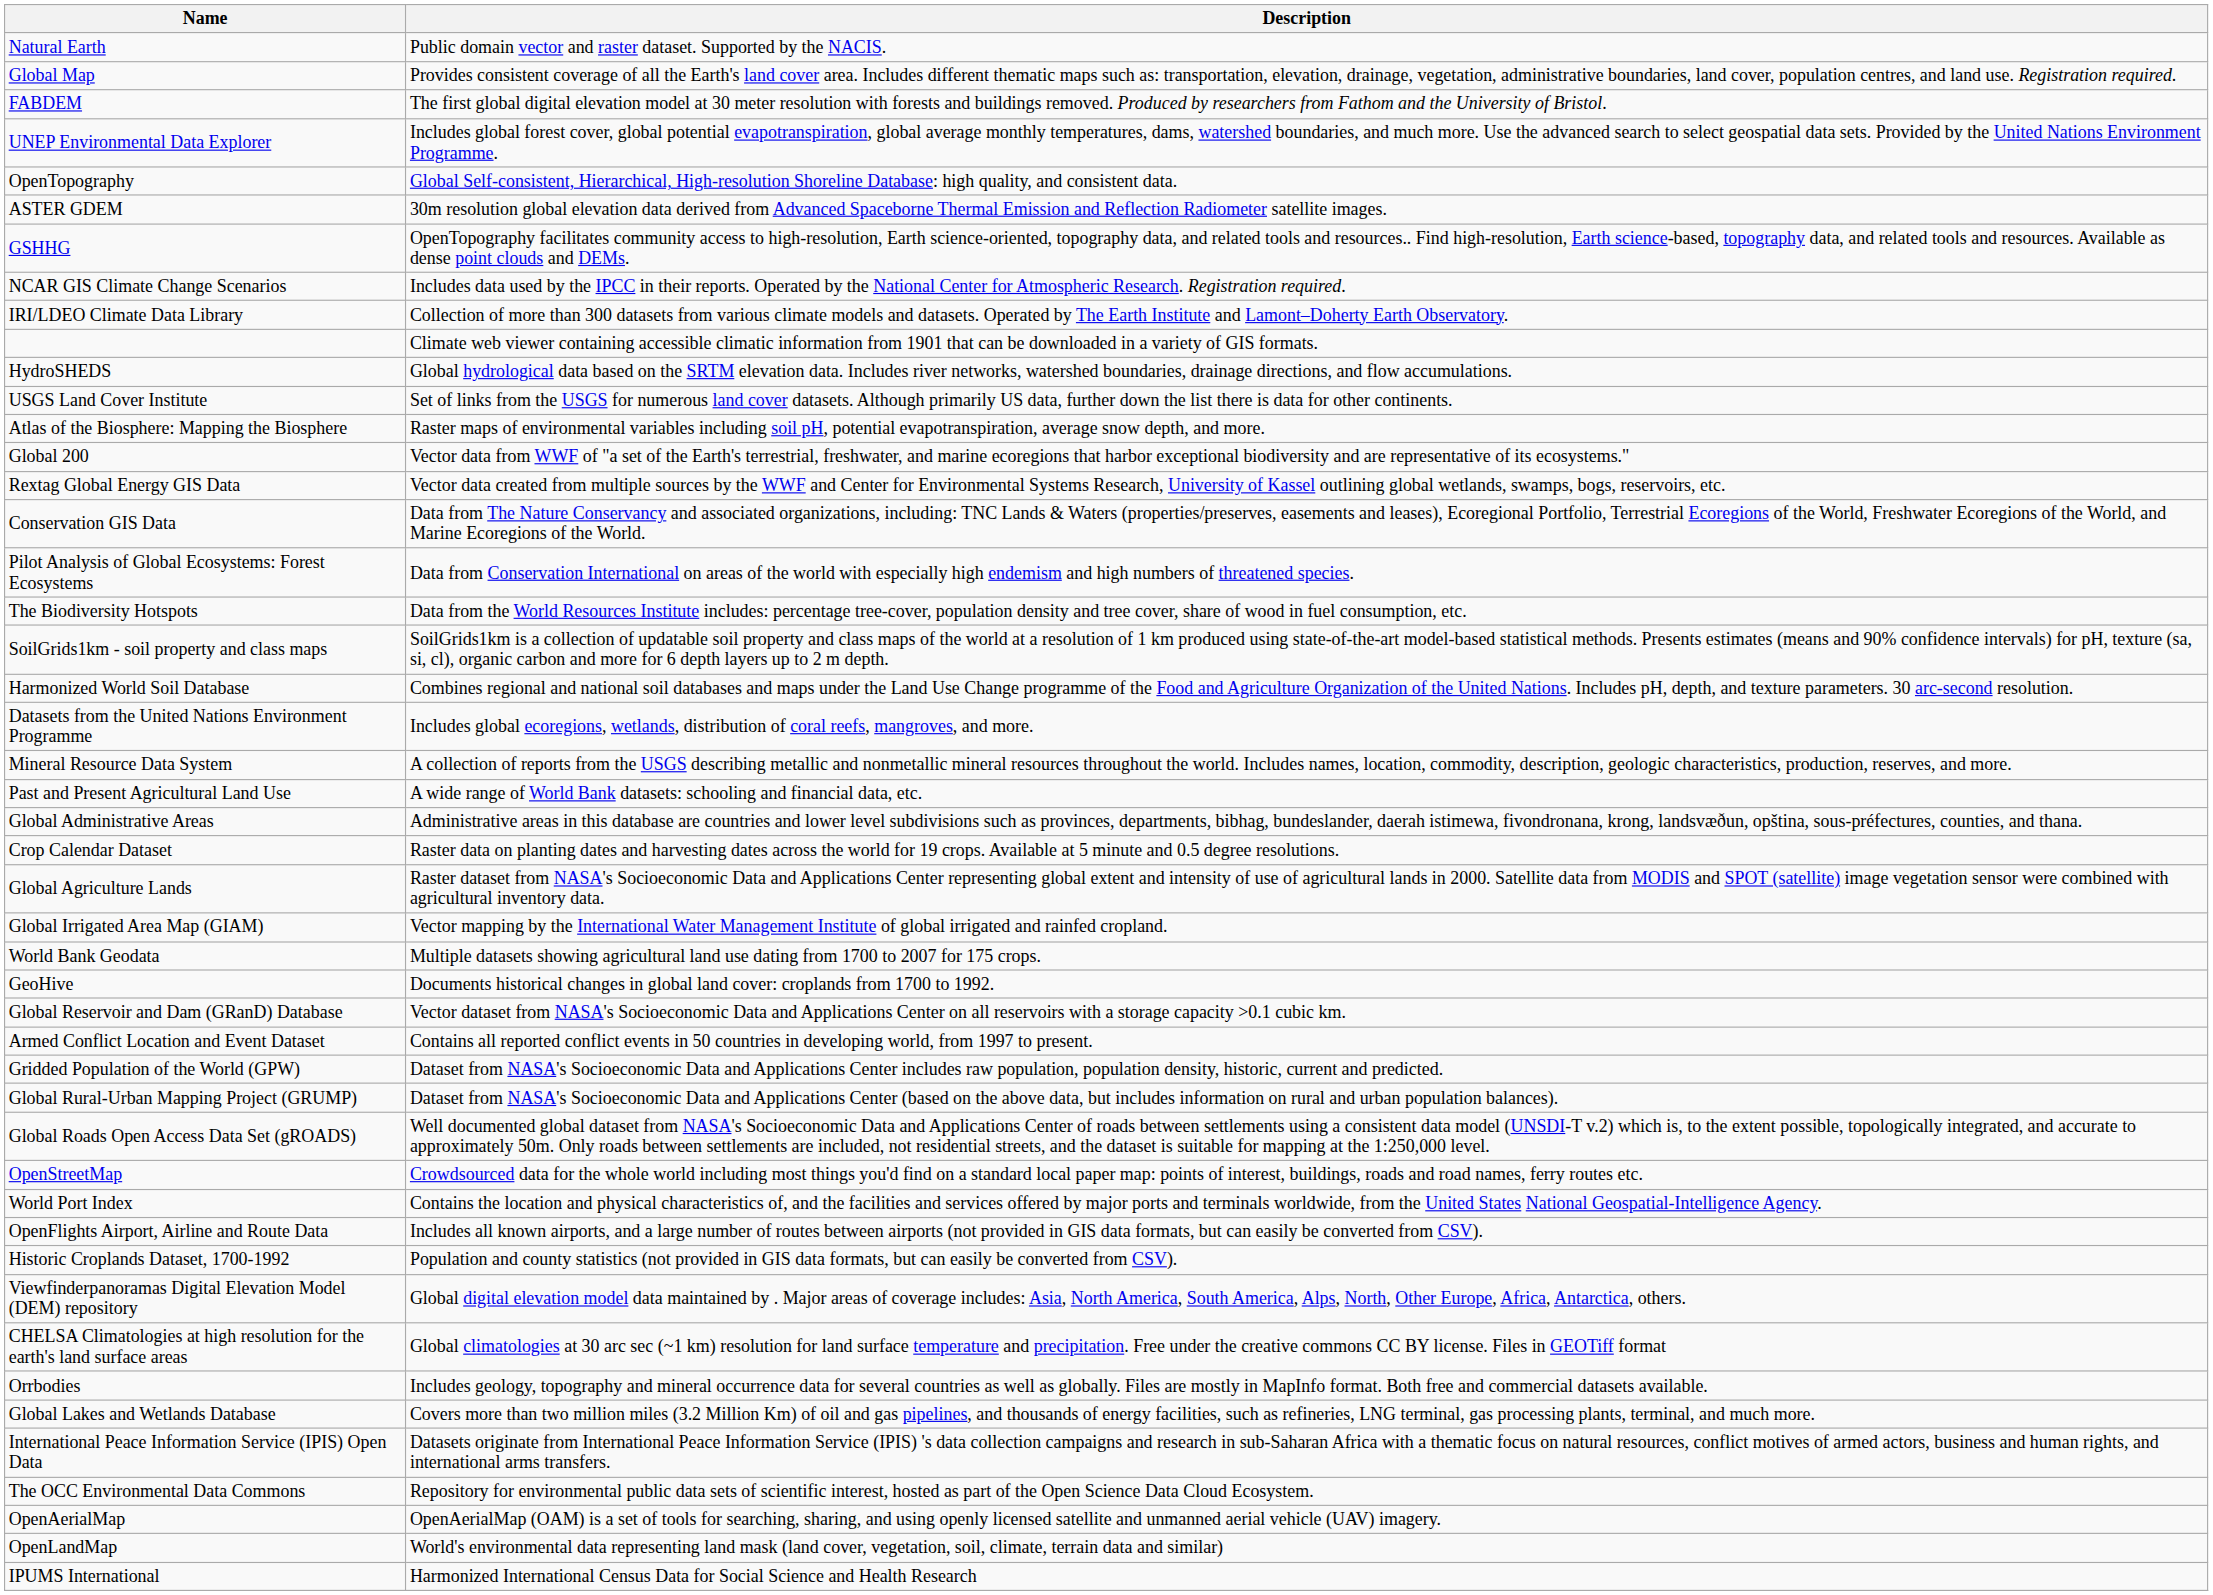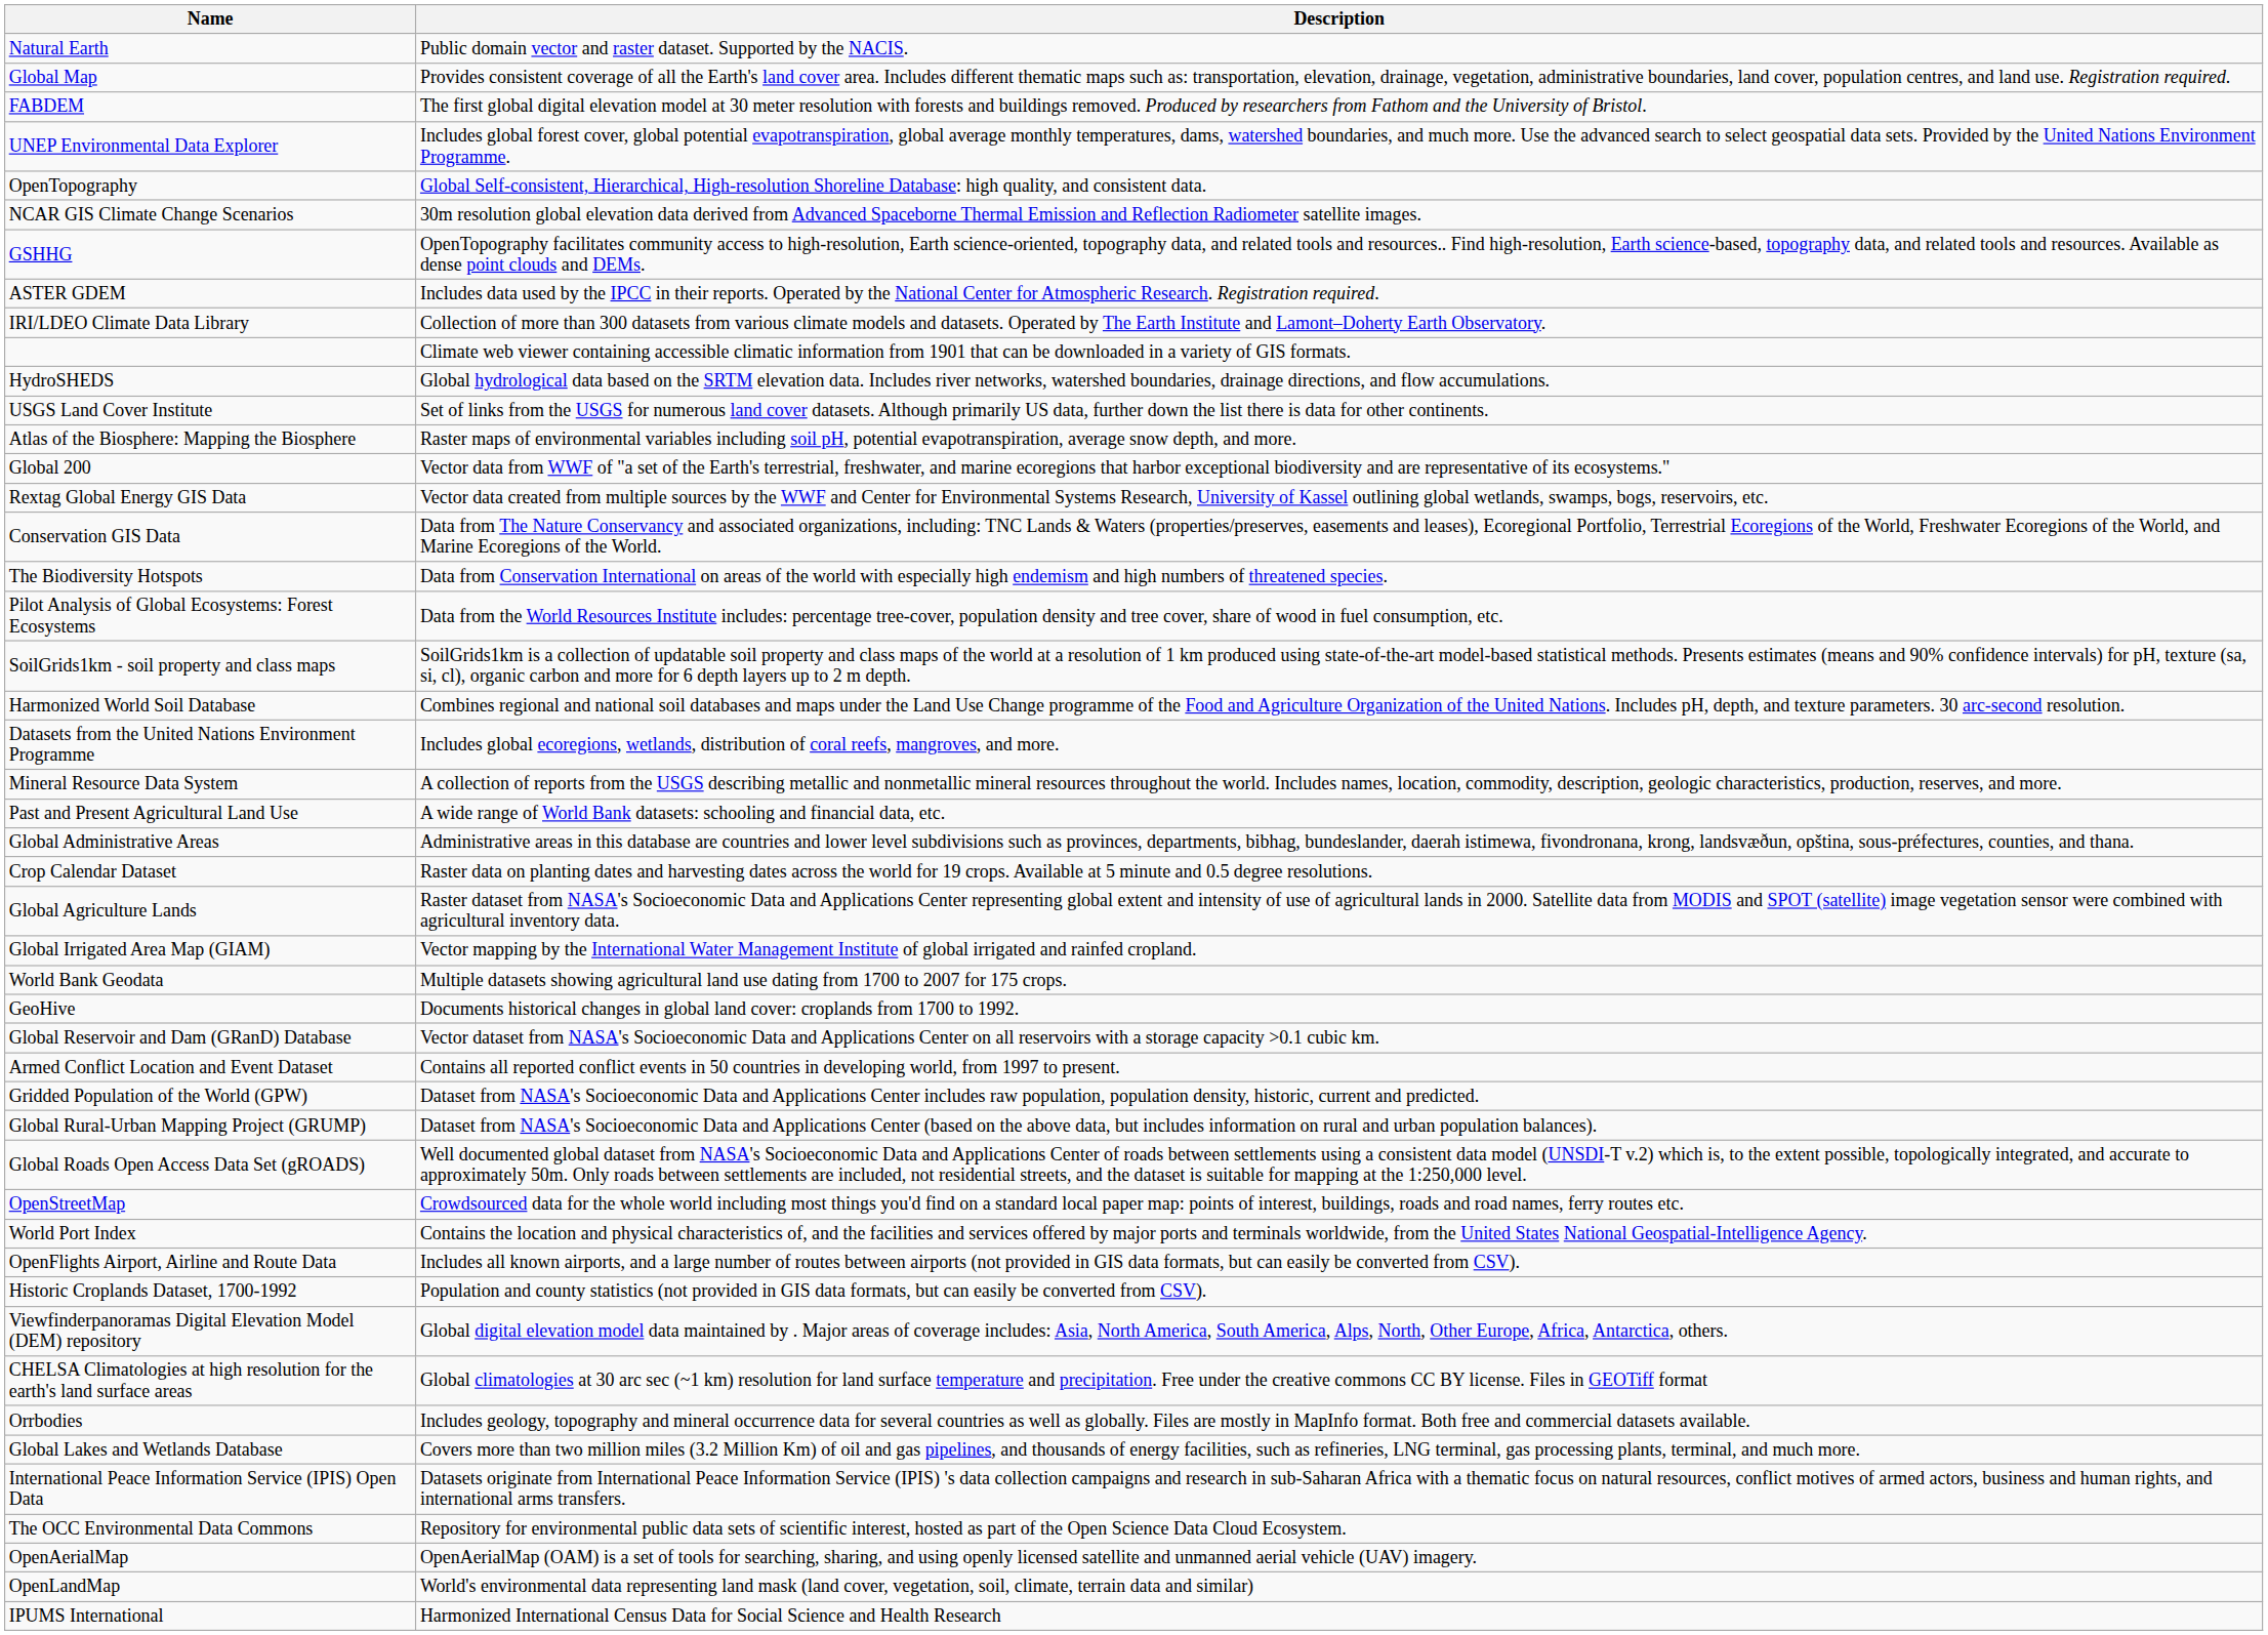 <table class="wikitable sortable" style="text-align: left; color: black;">
 <tr>
 <th data-sort-type="text"><strong>Name</strong></th>
 <th class="unsortable"><strong>Description</strong></th>
 </tr>
 <tr>
 <td align="left"><a href='#'>Natural Earth</a></td>
 <td>Public domain <a href='#'>vector</a> and <a href='#'>raster</a> dataset. Supported by the <a href='#'>NACIS</a>.</td>
 </tr>
 <tr>
 <td align="left"><a href='#'>Global Map</a></td>
 <td>Provides consistent coverage of all the Earth's <a href='#'>land cover</a> area. Includes different thematic maps such as: transportation, elevation, drainage, vegetation, administrative boundaries, land cover, population centres, and land use. <em>Registration required</em>.</td>
 </tr>
 <tr>
 <td align="left"><a href='#'>FABDEM</a></td>
 <td>The first global digital elevation model at 30 meter resolution with forests and buildings removed. <em>Produced by researchers from Fathom and the University of Bristol</em>.</td>
 </tr>
 <tr>
 <td align="left"><a href='#'>UNEP Environmental Data Explorer</a></td>
 <td>Includes global forest cover, global potential <a href='#'>evapotranspiration</a>, global average monthly temperatures, dams, <a href='#'>watershed</a> boundaries, and much more. Use the advanced search to select geospatial data sets. Provided by the <a href='#'>United Nations Environment Programme</a>.</td>
 </tr>
 <tr>
 <td align="left">OpenTopography</td>
 <td><a href='#'>Global Self-consistent, Hierarchical, High-resolution Shoreline Database</a>: high quality, and consistent data.</td>
 </tr>
 <tr>
-<td align="left">ASTER GDEM</td>
+<td align="left">NCAR GIS Climate Change Scenarios</td>
 <td>30m resolution global elevation data derived from <a href='#'>Advanced Spaceborne Thermal Emission and Reflection Radiometer</a> satellite images.</td>
 </tr>
 <tr>
 <td align="left"><a href='#'>GSHHG</a></td>
 <td>OpenTopography facilitates community access to high-resolution, Earth science-oriented, topography data, and related tools and resources.. Find high-resolution, <a href='#'>Earth science</a>-based, <a href='#'>topography</a> data, and related tools and resources. Available as dense <a href='#'>point clouds</a> and <a href='#'>DEMs</a>.</td>
 </tr>
 <tr>
-<td align="left">NCAR GIS Climate Change Scenarios</td>
+<td align="left">ASTER GDEM</td>
 <td>Includes data used by the <a href='#'>IPCC</a> in their reports. Operated by the <a href='#'>National Center for Atmospheric Research</a>. <em>Registration required</em>.</td>
 </tr>
 <tr>
 <td align="left">IRI/LDEO Climate Data Library</td>
 <td>Collection of more than 300 datasets from various climate models and datasets. Operated by <a href='#'>The Earth Institute</a> and <a href='#'>Lamont–Doherty Earth Observatory</a>.</td>
 </tr>
 <tr>
 <td align="left"></td>
 <td>Climate web viewer containing accessible climatic information from 1901 that can be downloaded in a variety of GIS formats.</td>
 </tr>
 <tr>
 <td align="left">HydroSHEDS</td>
 <td>Global <a href='#'>hydrological</a> data based on the <a href='#'>SRTM</a> elevation data. Includes river networks, watershed boundaries, drainage directions, and flow accumulations.</td>
 </tr>
 <tr>
 <td align="left">USGS Land Cover Institute</td>
 <td>Set of links from the <a href='#'>USGS</a> for numerous <a href='#'>land cover</a> datasets. Although primarily US data, further down the list there is data for other continents.</td>
 </tr>
 <tr>
 <td align="left">Atlas of the Biosphere: Mapping the Biosphere</td>
 <td>Raster maps of environmental variables including <a href='#'>soil pH</a>, potential evapotranspiration, average snow depth, and more.</td>
 </tr>
 <tr>
 <td align="left">Global 200</td>
 <td>Vector data from <a href='#'>WWF</a> of "a set of the Earth's terrestrial, freshwater, and marine ecoregions that harbor exceptional biodiversity and are representative of its ecosystems."</td>
 </tr>
 <tr>
 <td>Rextag Global Energy GIS Data</td>
 <td>Vector data created from multiple sources by the <a href='#'>WWF</a> and Center for Environmental Systems Research, <a href='#'>University of Kassel</a> outlining global wetlands, swamps, bogs, reservoirs, etc.</td>
 </tr>
 <tr>
 <td align="left">Conservation GIS Data</td>
 <td>Data from <a href='#'>The Nature Conservancy</a> and associated organizations, including: TNC Lands & Waters (properties/preserves, easements and leases), Ecoregional Portfolio, Terrestrial <a href='#'>Ecoregions</a> of the World, Freshwater Ecoregions of the World, and Marine Ecoregions of the World.</td>
 </tr>
 <tr>
-<td align="left">Pilot Analysis of Global Ecosystems: Forest Ecosystems</td>
+<td align="left">The Biodiversity Hotspots</td>
 <td>Data from <a href='#'>Conservation International</a> on areas of the world with especially high <a href='#'>endemism</a> and high numbers of <a href='#'>threatened species</a>.</td>
 </tr>
 <tr>
-<td align="left">The Biodiversity Hotspots</td>
+<td align="left">Pilot Analysis of Global Ecosystems: Forest Ecosystems</td>
 <td>Data from the <a href='#'>World Resources Institute</a> includes: percentage tree-cover, population density and tree cover, share of wood in fuel consumption, etc.</td>
 </tr>
 <tr>
 <td align="left">SoilGrids1km - soil property and class maps</td>
 <td>SoilGrids1km is a collection of updatable soil property and class maps of the world at a resolution of 1 km produced using state-of-the-art model-based statistical methods. Presents estimates (means and 90% confidence intervals) for pH, texture (sa, si, cl), organic carbon and more for 6 depth layers up to 2 m depth.</td>
 </tr>
 <tr>
 <td align="left">Harmonized World Soil Database</td>
 <td>Combines regional and national soil databases and maps under the Land Use Change programme of the <a href='#'>Food and Agriculture Organization of the United Nations</a>. Includes pH, depth, and texture parameters. 30 <a href='#'>arc-second</a> resolution.</td>
 </tr>
 <tr>
 <td align="left">Datasets from the United Nations Environment Programme</td>
 <td>Includes global <a href='#'>ecoregions</a>, <a href='#'>wetlands</a>, distribution of <a href='#'>coral reefs</a>, <a href='#'>mangroves</a>, and more.</td>
 </tr>
 <tr>
 <td align="left">Mineral Resource Data System</td>
 <td>A collection of reports from the <a href='#'>USGS</a> describing metallic and nonmetallic mineral resources throughout the world. Includes names, location, commodity, description, geologic characteristics, production, reserves, and more.</td>
 </tr>
 <tr>
 <td align="left">Past and Present Agricultural Land Use</td>
 <td>A wide range of <a href='#'>World Bank</a> datasets: schooling and financial data, etc.</td>
 </tr>
 <tr>
 <td align="left">Global Administrative Areas</td>
 <td>Administrative areas in this database are countries and lower level subdivisions such as provinces, departments, bibhag, bundeslander, daerah istimewa, fivondronana, krong, landsvæðun, opština, sous-préfectures, counties, and thana.</td>
 </tr>
 <tr>
 <td align="left">Crop Calendar Dataset</td>
 <td>Raster data on planting dates and harvesting dates across the world for 19 crops. Available at 5 minute and 0.5 degree resolutions.</td>
 </tr>
 <tr>
 <td align="left">Global Agriculture Lands</td>
 <td>Raster dataset from <a href='#'>NASA</a>'s Socioeconomic Data and Applications Center representing global extent and intensity of use of agricultural lands in 2000. Satellite data from <a href='#'>MODIS</a> and <a href='#'>SPOT (satellite)</a> image vegetation sensor were combined with agricultural inventory data.</td>
 </tr>
 <tr>
 <td align="left">Global Irrigated Area Map (GIAM)</td>
 <td>Vector mapping by the <a href='#'>International Water Management Institute</a> of global irrigated and rainfed cropland.</td>
 </tr>
 <tr>
 <td align="left">World Bank Geodata</td>
 <td>Multiple datasets showing agricultural land use dating from 1700 to 2007 for 175 crops.</td>
 </tr>
 <tr>
 <td align="left">GeoHive</td>
 <td>Documents historical changes in global land cover: croplands from 1700 to 1992.</td>
 </tr>
 <tr>
 <td align="left">Global Reservoir and Dam (GRanD) Database</td>
 <td>Vector dataset from <a href='#'>NASA</a>'s Socioeconomic Data and Applications Center on all reservoirs with a storage capacity >0.1 cubic km.</td>
 </tr>
 <tr>
 <td align="left">Armed Conflict Location and Event Dataset</td>
 <td>Contains all reported conflict events in 50 countries in developing world, from 1997 to present.</td>
 </tr>
 <tr>
 <td align="left">Gridded Population of the World (GPW)</td>
 <td>Dataset from <a href='#'>NASA</a>'s Socioeconomic Data and Applications Center includes raw population, population density, historic, current and predicted.</td>
 </tr>
 <tr>
 <td align="left">Global Rural-Urban Mapping Project (GRUMP)</td>
 <td>Dataset from <a href='#'>NASA</a>'s Socioeconomic Data and Applications Center (based on the above data, but includes information on rural and urban population balances).</td>
 </tr>
 <tr>
 <td align="left">Global Roads Open Access Data Set (gROADS)</td>
 <td>Well documented global dataset from <a href='#'>NASA</a>'s Socioeconomic Data and Applications Center of roads between settlements using a consistent data model (<a href='#'>UNSDI</a>-T v.2) which is, to the extent possible, topologically integrated, and accurate to approximately 50m. Only roads between settlements are included, not residential streets, and the dataset is suitable for mapping at the 1:250,000 level.</td>
 </tr>
 <tr>
 <td align="left"><a href='#'>OpenStreetMap</a></td>
 <td><a href='#'>Crowdsourced</a> data for the whole world including most things you'd find on a standard local paper map: points of interest, buildings, roads and road names, ferry routes etc.</td>
 </tr>
 <tr>
 <td align="left">World Port Index</td>
 <td>Contains the location and physical characteristics of, and the facilities and services offered by major ports and terminals worldwide, from the <a href='#'>United States</a> <a href='#'>National Geospatial-Intelligence Agency</a>.</td>
 </tr>
 <tr>
 <td align="left">OpenFlights Airport, Airline and Route Data</td>
 <td>Includes all known airports, and a large number of routes between airports (not provided in GIS data formats, but can easily be converted from <a href='#'>CSV</a>).</td>
 </tr>
 <tr>
 <td align="left">Historic Croplands Dataset, 1700-1992</td>
 <td>Population and county statistics (not provided in GIS data formats, but can easily be converted from <a href='#'>CSV</a>).</td>
 </tr>
 <tr>
 <td align="left">Viewfinderpanoramas Digital Elevation Model (DEM) repository</td>
 <td>Global <a href='#'>digital elevation model</a> data maintained by . Major areas of coverage includes: <a href='#'>Asia</a>, <a href='#'>North America</a>, <a href='#'>South America</a>, <a href='#'>Alps</a>, <a href='#'>North</a>, <a href='#'>Other Europe</a>, <a href='#'>Africa</a>, <a href='#'>Antarctica</a>, others.</td>
 </tr>
 <tr>
 <td>CHELSA Climatologies at high resolution for the earth's land surface areas</td>
 <td>Global <a href='#'>climatologies</a> at 30 arc sec (~1 km) resolution for land surface <a href='#'>temperature</a> and <a href='#'>precipitation</a>. Free under the creative commons CC BY license. Files in <a href='#'>GEOTiff</a> format</td>
 </tr>
 <tr>
 <td>Orrbodies</td>
 <td>Includes geology, topography and mineral occurrence data for several countries as well as globally. Files are mostly in MapInfo format. Both free and commercial datasets available.</td>
 </tr>
 <tr>
 <td align="left">Global Lakes and Wetlands Database</td>
 <td>Covers more than two million miles (3.2 Million Km) of oil and gas <a href='#'>pipelines</a>, and thousands of energy facilities, such as refineries, LNG terminal, gas processing plants, terminal, and much more.</td>
 </tr>
 <tr>
 <td>International Peace Information Service (IPIS) Open Data</td>
 <td>Datasets originate from International Peace Information Service (IPIS) 's data collection campaigns and research in sub-Saharan Africa with a thematic focus on natural resources, conflict motives of armed actors, business and human rights, and international arms transfers.</td>
 </tr>
 <tr>
 <td>The OCC Environmental Data Commons</td>
 <td>Repository for environmental public data sets of scientific interest, hosted as part of the Open Science Data Cloud Ecosystem.</td>
 </tr>
 <tr>
 <td>OpenAerialMap</td>
 <td>OpenAerialMap (OAM) is a set of tools for searching, sharing, and using openly licensed satellite and unmanned aerial vehicle (UAV) imagery.</td>
 </tr>
 <tr>
 <td>OpenLandMap</td>
 <td>World's environmental data representing land mask (land cover, vegetation, soil, climate, terrain data and similar)</td>
 </tr>
 <tr>
 <td>IPUMS International</td>
 <td>Harmonized International Census Data for Social Science and Health Research</td>
 </tr>
 <tr>
 </tr>
 </table>
